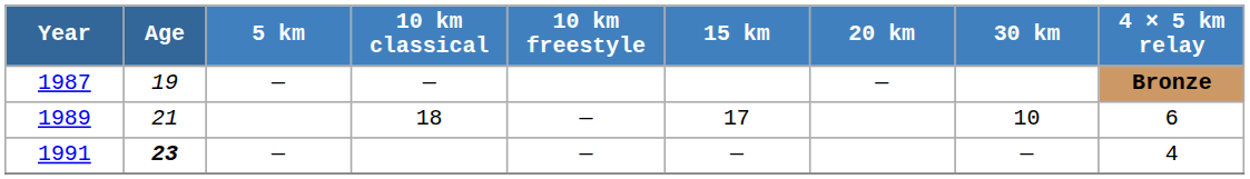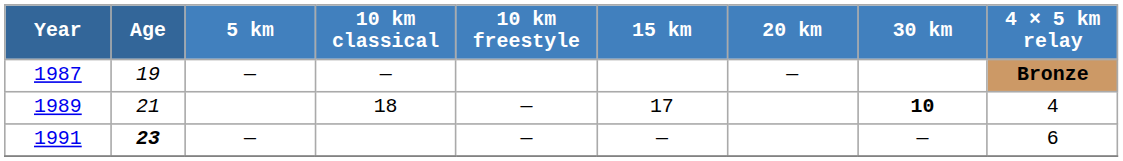 <table class="wikitable" style="font-size:95%; text-align:center; border:grey solid 1px; border-collapse:collapse; background:#ffffff;">
 <tr>
 <th style="background-color:#369; color:white; width:60px;"> Year </th>
 <th style="background-color:#369; color:white; width:40px;"> Age </th>
 <th style="background-color:#4180be; color:white; width:75px;"> 5 km </th>
 <th style="background-color:#4180be; color:white; width:75px;"> 10 km <br> classical </th>
 <th style="background-color:#4180be; color:white; width:75px;"> 10 km <br> freestyle </th>
 <th style="background-color:#4180be; color:white; width:75px;"> 15 km </th>
 <th style="background-color:#4180be; color:white; width:75px;"> 20 km </th>
 <th style="background-color:#4180be; color:white; width:75px;"> 30 km </th>
 <th style="background-color:#4180be; color:white; width:75px;"> 4 × 5 km <br> relay </th>
 </tr>
 <tr>
 <td><a href='#'>1987</a></td>
 <td><em>19</em></td>
 <td>—</td>
 <td>—</td>
 <td></td>
 <td></td>
 <td>—</td>
 <td></td>
 <td bgcolor="cc9966"><strong>Bronze</strong></td>
 </tr>
 <tr>
 <td><a href='#'>1989</a></td>
 <td><em>21</em></td>
 <td></td>
 <td>18</td>
 <td>—</td>
 <td>17</td>
 <td></td>
-<td>10</td>
-<td>6</td>
+<td><strong>10</strong></td>
+<td>4</td>
 </tr>
 <tr>
 <td><a href='#'>1991</a></td>
 <td><strong><em>23</em></strong></td>
 <td>—</td>
 <td></td>
 <td>—</td>
 <td>—</td>
 <td></td>
 <td>—</td>
-<td>4</td>
+<td>6</td>
 </tr>
 <tr>
 </tr>
 </table>
